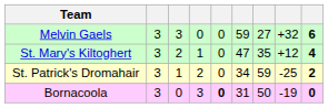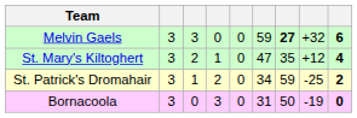 <table class="wikitable" style="text-align:center">
 <tr>
 <th style="width:175px;">Team</th>
 <th width="20"></th>
 <th width="20"></th>
 <th width="20"></th>
 <th width="20"></th>
 <th width="20"></th>
 <th width="20"></th>
 <th width="20"></th>
 <th width="20"></th>
 </tr>
 <tr style="background:#cfc;">
 <td><a href='#'>Melvin Gaels</a></td>
 <td>3</td>
 <td>3</td>
 <td>0</td>
 <td>0</td>
 <td>59</td>
-<td>27</td>
+<td><strong>27</strong></td>
 <td>+32</td>
 <td><strong>6</strong></td>
 </tr>
 <tr style="background:#cfc;">
 <td><a href='#'>St. Mary's Kiltoghert</a></td>
 <td>3</td>
 <td>2</td>
 <td>1</td>
 <td>0</td>
 <td>47</td>
 <td>35</td>
 <td>+12</td>
 <td><strong>4</strong></td>
 </tr>
 <tr style="background:#ffffcc;">
 <td>St. Patrick's Dromahair</td>
 <td>3</td>
 <td>1</td>
 <td>2</td>
 <td>0</td>
 <td>34</td>
 <td>59</td>
 <td>-25</td>
 <td><strong>2</strong></td>
 </tr>
 <tr style="background:#fcf;">
 <td>Bornacoola</td>
 <td>3</td>
 <td>0</td>
 <td>3</td>
-<td><strong>0</strong></td>
+<td>0</td>
 <td>31</td>
 <td>50</td>
 <td>-19</td>
 <td><strong>0</strong></td>
 </tr>
 </table>
